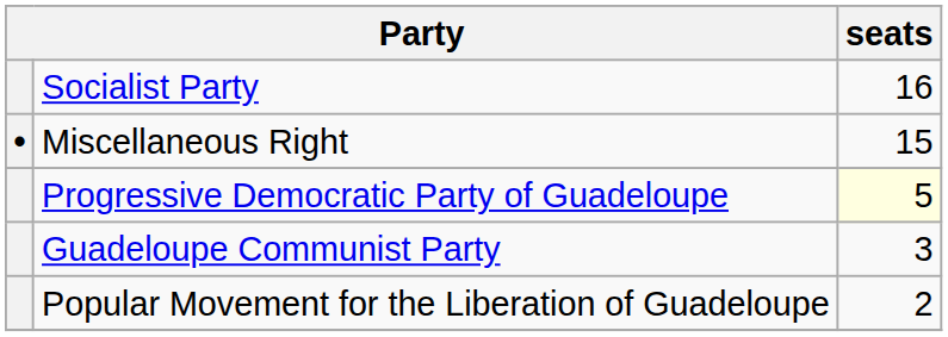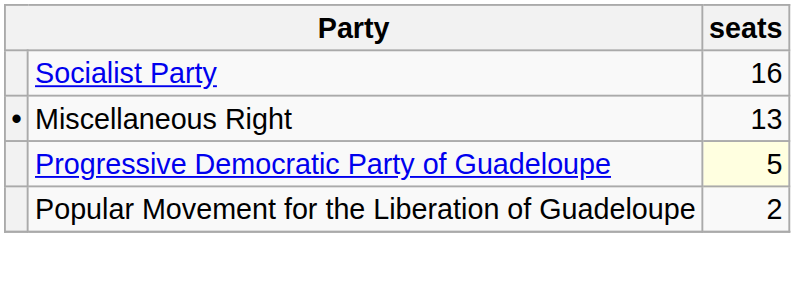 <table class="wikitable" style="font-size: 95%;">
 <tr>
 <th colspan=2>Party</th>
 <th>seats</th>
 </tr>
 <tr>
 <th style="background-color: "></th>
 <td><a href='#'>Socialist Party</a></td>
 <td align="right">16</td>
 </tr>
 <tr>
 <th style="background-color: "><span>•</span></th>
 <td>Miscellaneous Right</td>
-<td align="right">15</td>
+<td align="right">13</td>
 </tr>
 <tr>
 <th style="background-color: "></th>
 <td><a href='#'>Progressive Democratic Party of Guadeloupe</a></td>
 <td align="right" style="background: lightyellow;">5</td>
-</tr>
-<tr>
-<th style="background-color: "></th>
-<td><a href='#'>Guadeloupe Communist Party</a></td>
-<td align="right">3</td>
 </tr>
 <tr>
 <th style="background-color: "></th>
 <td>Popular Movement for the Liberation of Guadeloupe</td>
 <td align="right">2</td>
 </tr>
 <tr>
 </tr>
 </table>
